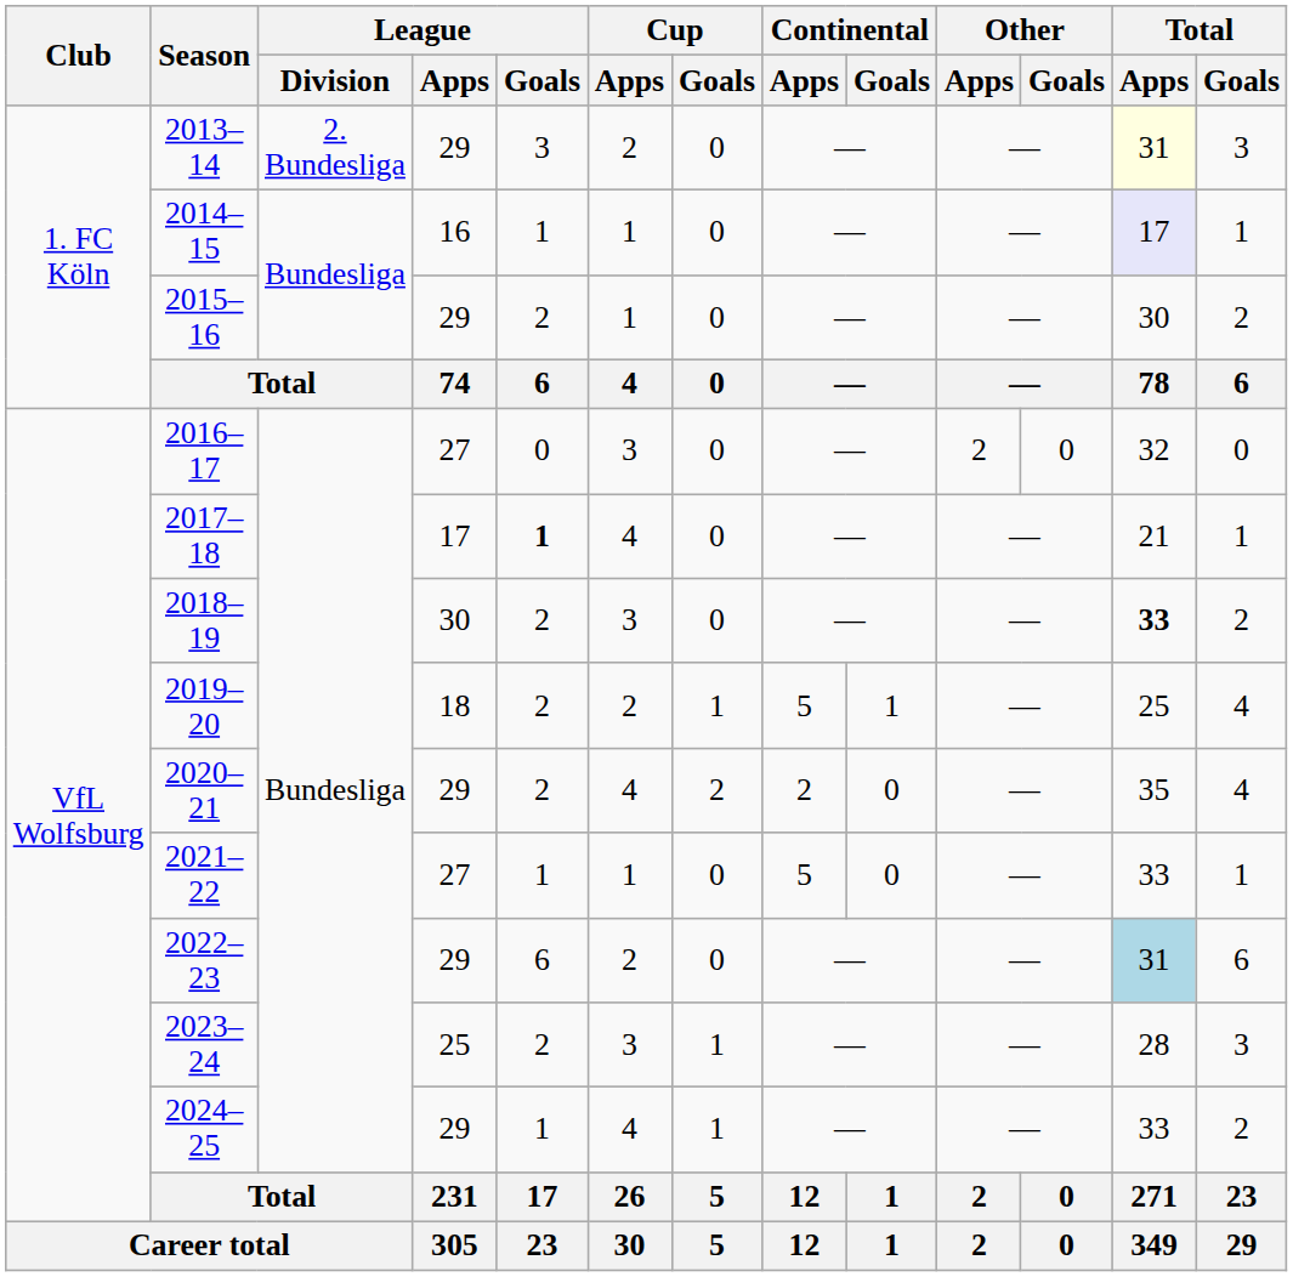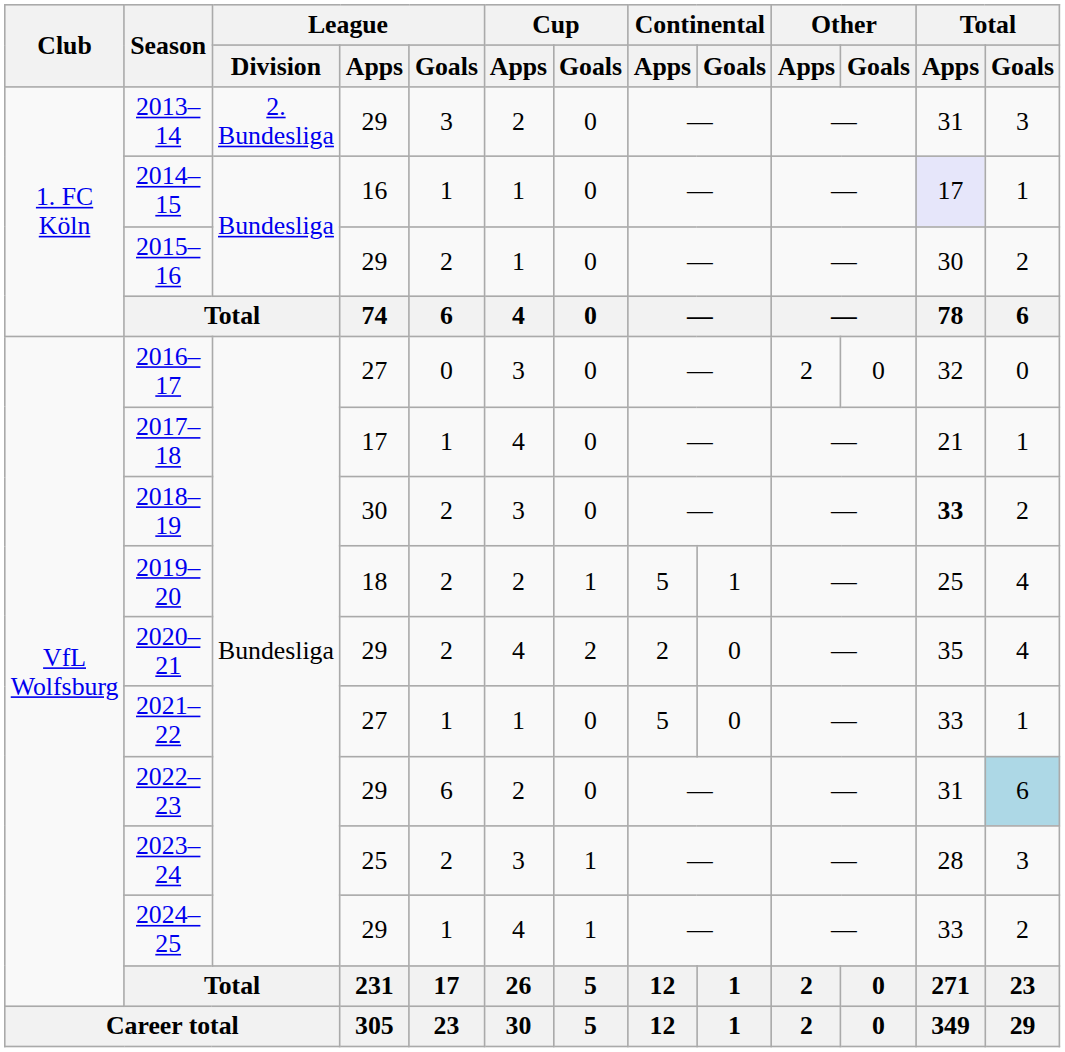 <table class="wikitable" style="text-align:center">
 <tr>
 <th rowspan="2">Club</th>
 <th rowspan="2">Season</th>
 <th colspan="3">League</th>
 <th colspan="2">Cup</th>
 <th colspan="2">Continental</th>
 <th colspan="2">Other</th>
 <th colspan="2">Total</th>
 </tr>
 <tr>
 <th>Division</th>
 <th>Apps</th>
 <th>Goals</th>
 <th>Apps</th>
 <th>Goals</th>
 <th>Apps</th>
 <th>Goals</th>
 <th>Apps</th>
 <th>Goals</th>
 <th>Apps</th>
 <th>Goals</th>
 </tr>
 <tr>
 <td rowspan="4"><a href='#'>1. FC Köln</a></td>
 <td><a href='#'>2013–14</a></td>
 <td><a href='#'>2. Bundesliga</a></td>
 <td>29</td>
 <td>3</td>
 <td>2</td>
 <td>0</td>
 <td colspan="2">—</td>
 <td colspan="2">—</td>
-<td style="background: lightyellow;">31</td>
+<td>31</td>
 <td>3</td>
 </tr>
 <tr>
 <td><a href='#'>2014–15</a></td>
 <td rowspan="2"><a href='#'>Bundesliga</a></td>
 <td>16</td>
 <td>1</td>
 <td>1</td>
 <td>0</td>
 <td colspan="2">—</td>
 <td colspan="2">—</td>
 <td style="background: lavender;">17</td>
 <td>1</td>
 </tr>
 <tr>
 <td><a href='#'>2015–16</a></td>
 <td>29</td>
 <td>2</td>
 <td>1</td>
 <td>0</td>
 <td colspan="2">—</td>
 <td colspan="2">—</td>
 <td>30</td>
 <td>2</td>
 </tr>
 <tr>
 <th colspan="2">Total</th>
 <th>74</th>
 <th>6</th>
 <th>4</th>
 <th>0</th>
 <th colspan="2">—</th>
 <th colspan="2">—</th>
 <th>78</th>
 <th>6</th>
 </tr>
 <tr>
 <td rowspan="10"><a href='#'>VfL Wolfsburg</a></td>
 <td><a href='#'>2016–17</a></td>
 <td rowspan="9">Bundesliga</td>
 <td>27</td>
 <td>0</td>
 <td>3</td>
 <td>0</td>
 <td colspan="2">—</td>
 <td>2</td>
 <td>0</td>
 <td>32</td>
 <td>0</td>
 </tr>
 <tr>
 <td><a href='#'>2017–18</a></td>
 <td>17</td>
-<td><strong>1</strong></td>
+<td>1</td>
 <td>4</td>
 <td>0</td>
 <td colspan="2">—</td>
 <td colspan="2">—</td>
 <td>21</td>
 <td>1</td>
 </tr>
 <tr>
 <td><a href='#'>2018–19</a></td>
 <td>30</td>
 <td>2</td>
 <td>3</td>
 <td>0</td>
 <td colspan="2">—</td>
 <td colspan="2">—</td>
 <td><strong>33</strong></td>
 <td>2</td>
 </tr>
 <tr>
 <td><a href='#'>2019–20</a></td>
 <td>18</td>
 <td>2</td>
 <td>2</td>
 <td>1</td>
 <td>5</td>
 <td>1</td>
 <td colspan="2">—</td>
 <td>25</td>
 <td>4</td>
 </tr>
 <tr>
 <td><a href='#'>2020–21</a></td>
 <td>29</td>
 <td>2</td>
 <td>4</td>
 <td>2</td>
 <td>2</td>
 <td>0</td>
 <td colspan="2">—</td>
 <td>35</td>
 <td>4</td>
 </tr>
 <tr>
 <td><a href='#'>2021–22</a></td>
 <td>27</td>
 <td>1</td>
 <td>1</td>
 <td>0</td>
 <td>5</td>
 <td>0</td>
 <td colspan="2">—</td>
 <td>33</td>
 <td>1</td>
 </tr>
 <tr>
 <td><a href='#'>2022–23</a></td>
 <td>29</td>
 <td>6</td>
 <td>2</td>
 <td>0</td>
 <td colspan="2">—</td>
 <td colspan="2">—</td>
-<td style="background: lightblue;">31</td>
-<td>6</td>
+<td>31</td>
+<td style="background: lightblue;">6</td>
 </tr>
 <tr>
 <td><a href='#'>2023–24</a></td>
 <td>25</td>
 <td>2</td>
 <td>3</td>
 <td>1</td>
 <td colspan="2">—</td>
 <td colspan="2">—</td>
 <td>28</td>
 <td>3</td>
 </tr>
 <tr>
 <td><a href='#'>2024–25</a></td>
 <td>29</td>
 <td>1</td>
 <td>4</td>
 <td>1</td>
 <td colspan="2">—</td>
 <td colspan="2">—</td>
 <td>33</td>
 <td>2</td>
 </tr>
 <tr>
 <th colspan="2">Total</th>
 <th>231</th>
 <th>17</th>
 <th>26</th>
 <th>5</th>
 <th>12</th>
 <th>1</th>
 <th>2</th>
 <th>0</th>
 <th>271</th>
 <th>23</th>
 </tr>
 <tr>
 <th colspan="3">Career total</th>
 <th>305</th>
 <th>23</th>
 <th>30</th>
 <th>5</th>
 <th>12</th>
 <th>1</th>
 <th>2</th>
 <th>0</th>
 <th>349</th>
 <th>29</th>
 </tr>
 </table>
